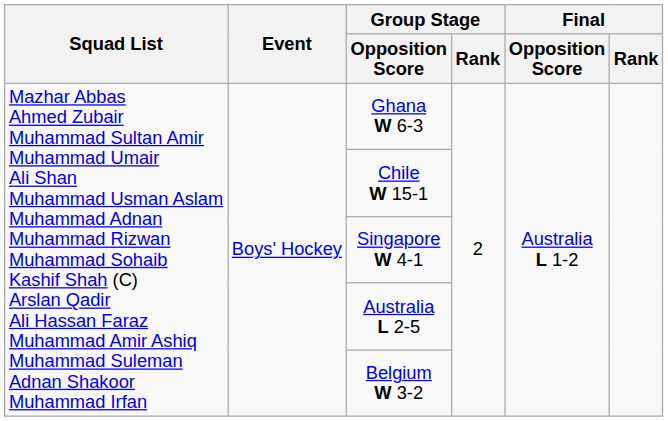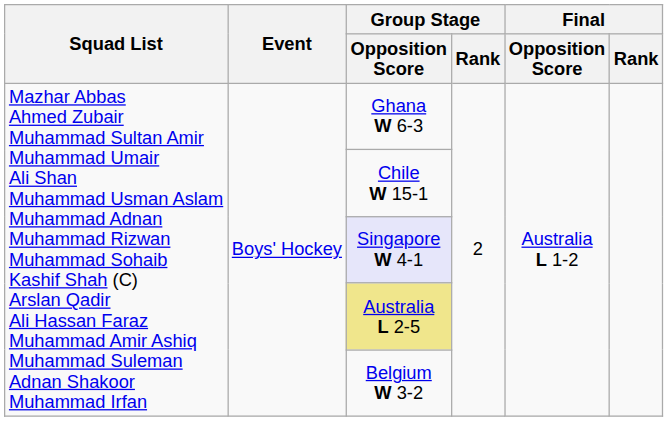 <table class=wikitable style="font-size:90%">
 <tr>
 <th rowspan=2>Squad List</th>
 <th rowspan=2>Event</th>
 <th colspan=2>Group Stage</th>
 <th colspan=2>Final</th>
 </tr>
 <tr>
 <th>Opposition<br>Score</th>
 <th>Rank</th>
 <th>Opposition<br>Score</th>
 <th>Rank</th>
 </tr>
 <tr>
 <td rowspan=5><a href='#'>Mazhar Abbas</a><br><a href='#'>Ahmed Zubair</a><br><a href='#'>Muhammad Sultan Amir</a><br><a href='#'>Muhammad Umair</a><br><a href='#'>Ali Shan</a><br><a href='#'>Muhammad Usman Aslam</a><br><a href='#'>Muhammad Adnan</a><br><a href='#'>Muhammad Rizwan</a><br><a href='#'>Muhammad Sohaib</a><br><a href='#'>Kashif Shah</a> (C)<br><a href='#'>Arslan Qadir</a><br><a href='#'>Ali Hassan Faraz</a><br><a href='#'>Muhammad Amir Ashiq</a><br><a href='#'>Muhammad Suleman</a><br><a href='#'>Adnan Shakoor</a><br><a href='#'>Muhammad Irfan</a></td>
 <td rowspan=5><a href='#'>Boys' Hockey</a></td>
 <td align=center> <a href='#'>Ghana</a><br> <strong>W</strong> 6-3</td>
 <td rowspan=5 align=center>2</td>
 <td rowspan=5 align=center> <a href='#'>Australia</a><br> <strong>L</strong> 1-2</td>
 <td rowspan=5 align=center></td>
 </tr>
 <tr>
 <td align=center> <a href='#'>Chile</a><br> <strong>W</strong> 15-1</td>
 </tr>
 <tr>
-<td align=center> <a href='#'>Singapore</a><br> <strong>W</strong> 4-1</td>
+<td align=center style="background: lavender;"> <a href='#'>Singapore</a><br> <strong>W</strong> 4-1</td>
 </tr>
 <tr>
-<td align=center> <a href='#'>Australia</a><br> <strong>L</strong> 2-5</td>
+<td align=center style="background: khaki;"> <a href='#'>Australia</a><br> <strong>L</strong> 2-5</td>
 </tr>
 <tr>
 <td align=center> <a href='#'>Belgium</a><br> <strong>W</strong> 3-2</td>
 </tr>
 </table>
